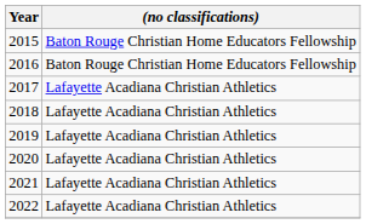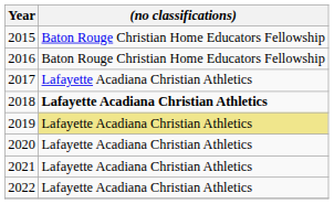 <table class="wikitable sortable">
 <tr>
 <th>Year</th>
 <th><em>(no classifications)</em></th>
 </tr>
 <tr>
 <td>2015</td>
 <td><a href='#'>Baton Rouge</a> Christian Home Educators Fellowship</td>
 </tr>
 <tr>
 <td>2016</td>
 <td>Baton Rouge Christian Home Educators Fellowship</td>
 </tr>
 <tr>
 <td>2017</td>
 <td><a href='#'>Lafayette</a> Acadiana Christian Athletics</td>
 </tr>
 <tr>
 <td>2018</td>
-<td>Lafayette Acadiana Christian Athletics</td>
+<td><strong>Lafayette Acadiana Christian Athletics</strong></td>
 </tr>
 <tr>
 <td>2019</td>
-<td>Lafayette Acadiana Christian Athletics</td>
+<td style="background: khaki;">Lafayette Acadiana Christian Athletics</td>
 </tr>
 <tr>
 <td>2020</td>
 <td>Lafayette Acadiana Christian Athletics</td>
 </tr>
 <tr>
 <td>2021</td>
 <td>Lafayette Acadiana Christian Athletics</td>
 </tr>
 <tr>
 <td>2022</td>
 <td>Lafayette Acadiana Christian Athletics</td>
 </tr>
 <tr>
 </tr>
 </table>
